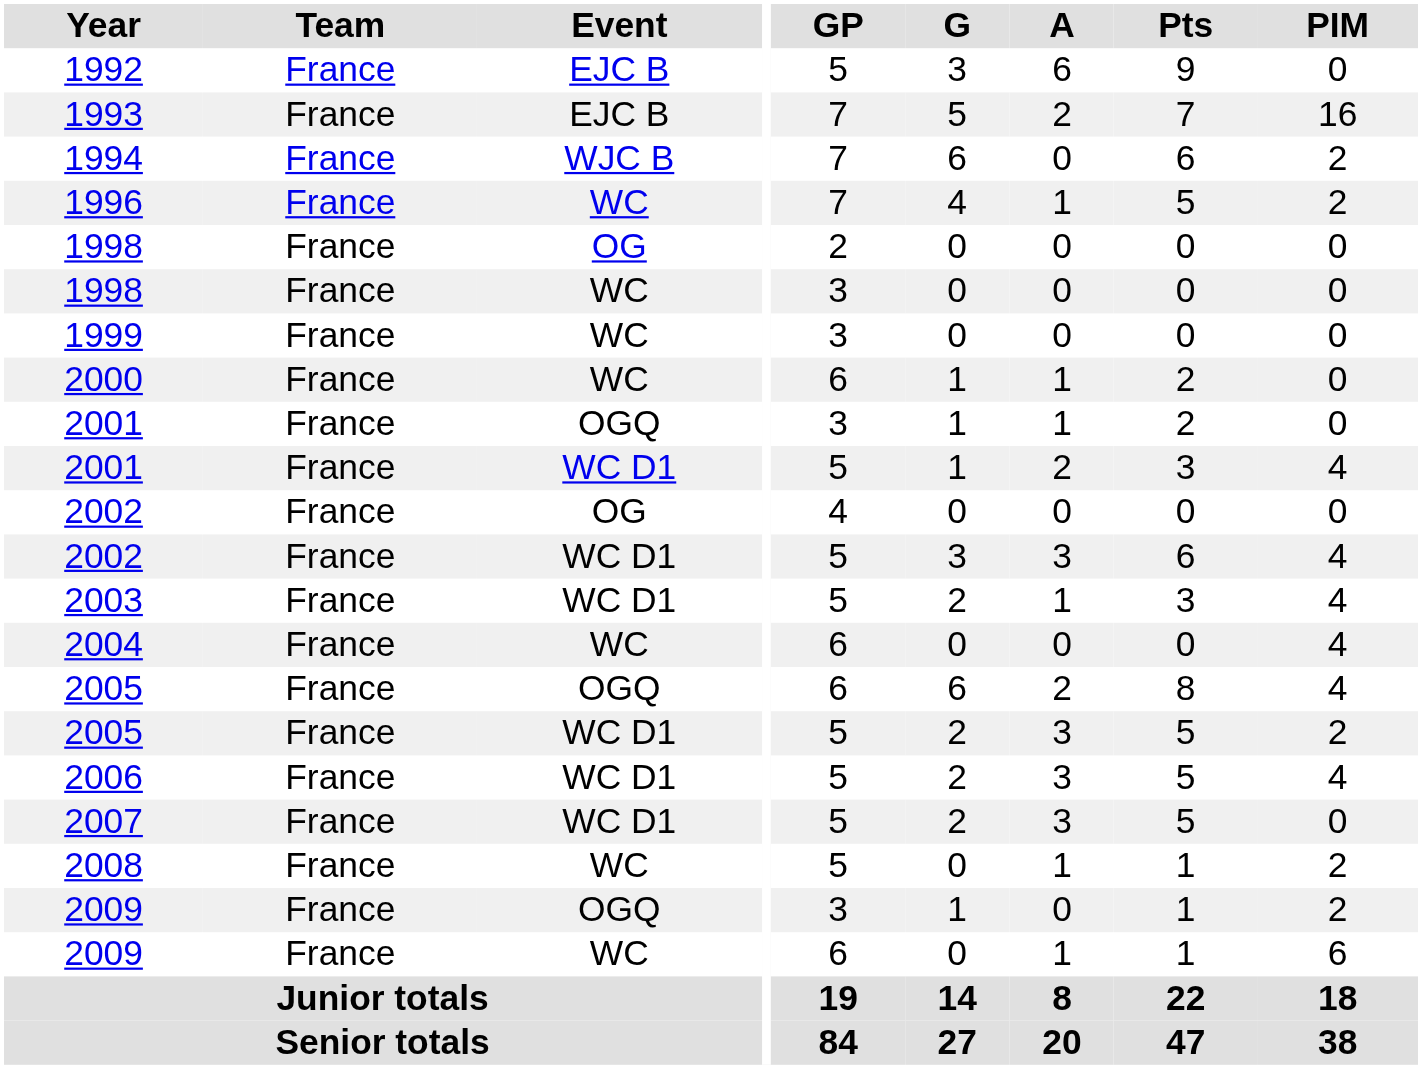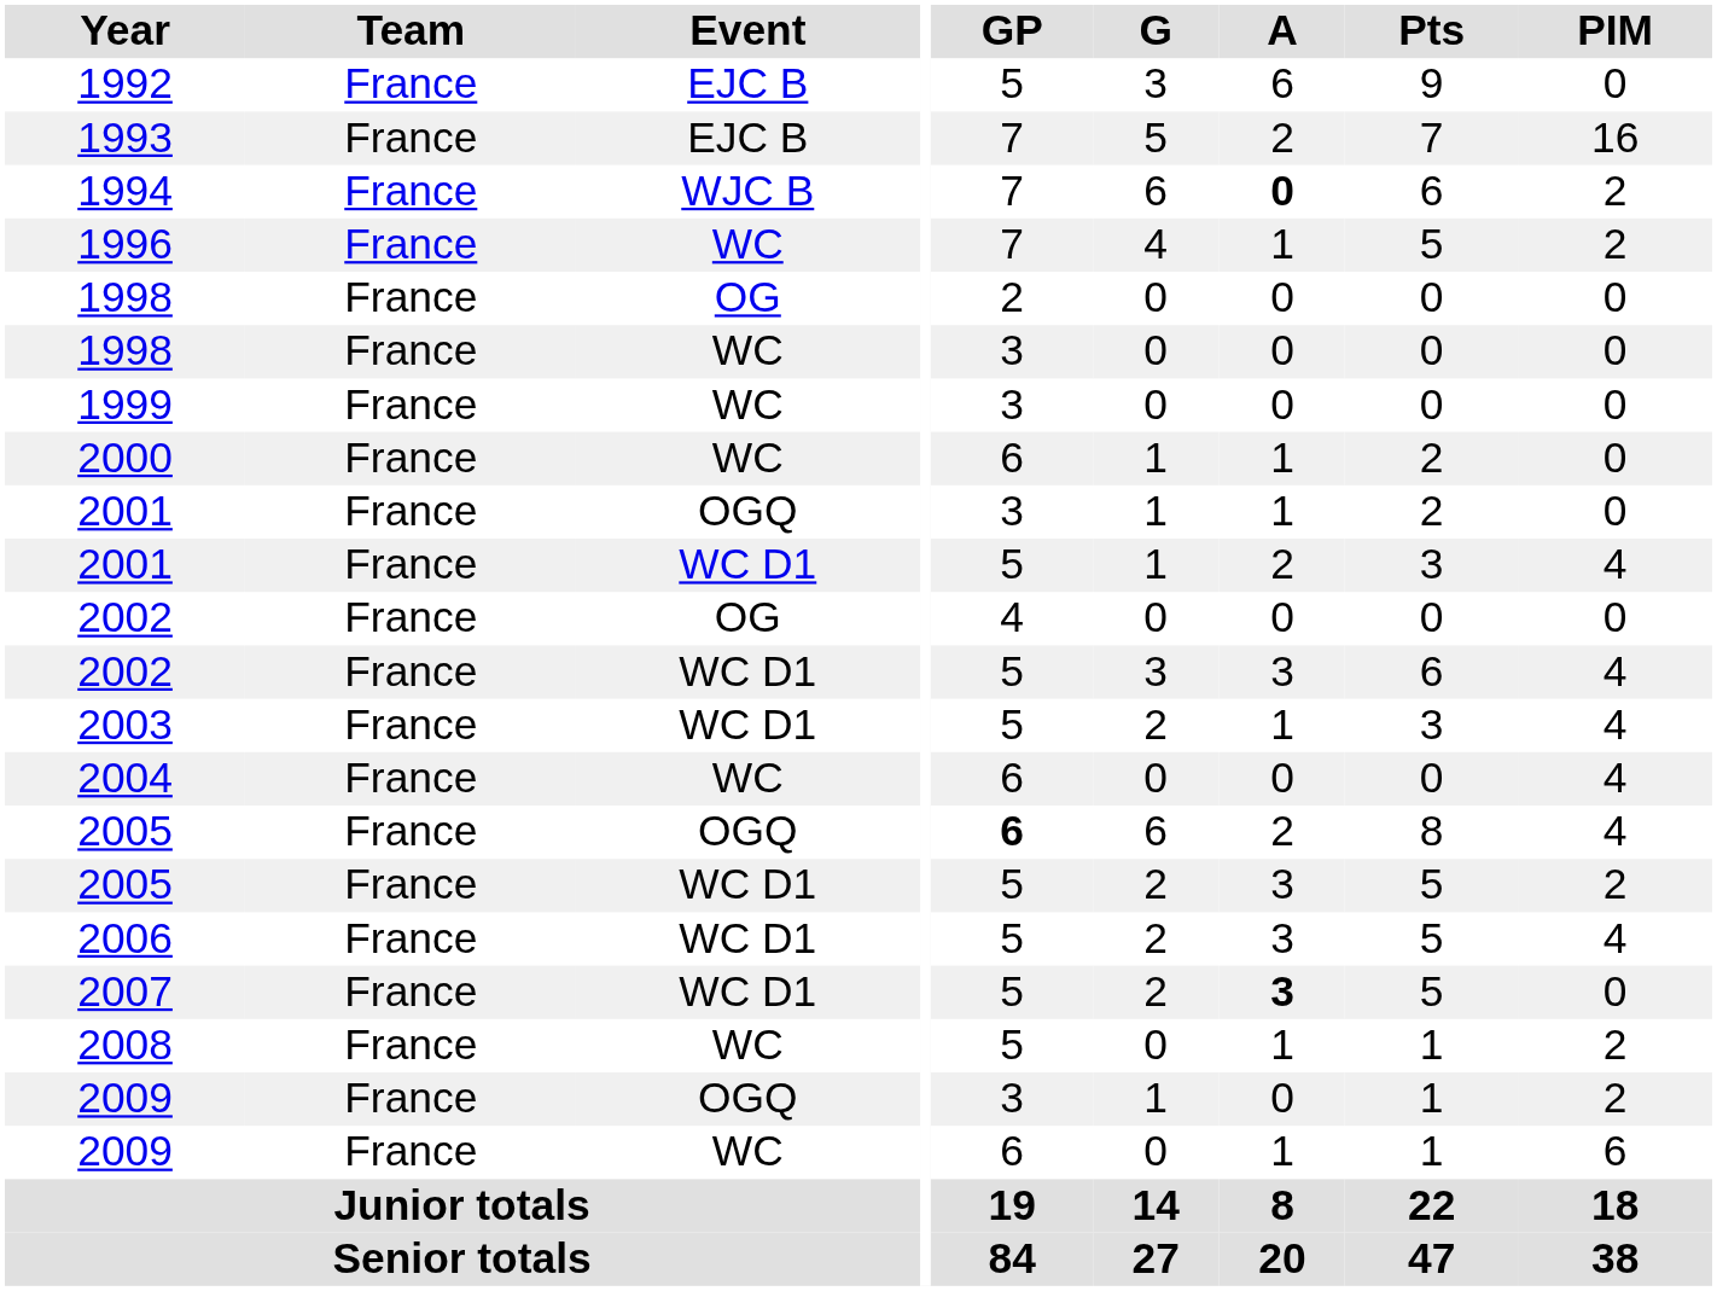 <table border="0" cellpadding="1" cellspacing="0" ID="Table3" style="text-align:center; width:40em">
 <tr ALIGN="center" bgcolor="#e0e0e0">
 <th>Year</th>
 <th>Team</th>
 <th>Event</th>
 <th rowspan="102" bgcolor="#ffffff"></th>
 <th>GP</th>
 <th>G</th>
 <th>A</th>
 <th>Pts</th>
 <th>PIM</th>
 </tr>
 <tr>
 <td><a href='#'>1992</a></td>
 <td><a href='#'>France</a></td>
 <td><a href='#'>EJC B</a></td>
 <td>5</td>
 <td>3</td>
 <td>6</td>
 <td>9</td>
 <td>0</td>
 </tr>
 <tr bgcolor="#f0f0f0">
 <td><a href='#'>1993</a></td>
 <td>France</td>
 <td>EJC B</td>
 <td>7</td>
 <td>5</td>
 <td>2</td>
 <td>7</td>
 <td>16</td>
 </tr>
 <tr>
 <td><a href='#'>1994</a></td>
 <td><a href='#'>France</a></td>
 <td><a href='#'>WJC B</a></td>
 <td>7</td>
 <td>6</td>
-<td>0</td>
+<td><strong>0</strong></td>
 <td>6</td>
 <td>2</td>
 </tr>
 <tr bgcolor="#f0f0f0">
 <td><a href='#'>1996</a></td>
 <td><a href='#'>France</a></td>
 <td><a href='#'>WC</a></td>
 <td>7</td>
 <td>4</td>
 <td>1</td>
 <td>5</td>
 <td>2</td>
 </tr>
 <tr>
 <td><a href='#'>1998</a></td>
 <td>France</td>
 <td><a href='#'>OG</a></td>
 <td>2</td>
 <td>0</td>
 <td>0</td>
 <td>0</td>
 <td>0</td>
 </tr>
 <tr bgcolor="#f0f0f0">
 <td><a href='#'>1998</a></td>
 <td>France</td>
 <td>WC</td>
 <td>3</td>
 <td>0</td>
 <td>0</td>
 <td>0</td>
 <td>0</td>
 </tr>
 <tr>
 <td><a href='#'>1999</a></td>
 <td>France</td>
 <td>WC</td>
 <td>3</td>
 <td>0</td>
 <td>0</td>
 <td>0</td>
 <td>0</td>
 </tr>
 <tr bgcolor="#f0f0f0">
 <td><a href='#'>2000</a></td>
 <td>France</td>
 <td>WC</td>
 <td>6</td>
 <td>1</td>
 <td>1</td>
 <td>2</td>
 <td>0</td>
 </tr>
 <tr>
 <td><a href='#'>2001</a></td>
 <td>France</td>
 <td>OGQ</td>
 <td>3</td>
 <td>1</td>
 <td>1</td>
 <td>2</td>
 <td>0</td>
 </tr>
 <tr bgcolor="#f0f0f0">
 <td><a href='#'>2001</a></td>
 <td>France</td>
 <td><a href='#'>WC D1</a></td>
 <td>5</td>
 <td>1</td>
 <td>2</td>
 <td>3</td>
 <td>4</td>
 </tr>
 <tr>
 <td><a href='#'>2002</a></td>
 <td>France</td>
 <td>OG</td>
 <td>4</td>
 <td>0</td>
 <td>0</td>
 <td>0</td>
 <td>0</td>
 </tr>
 <tr bgcolor="#f0f0f0">
 <td><a href='#'>2002</a></td>
 <td>France</td>
 <td>WC D1</td>
 <td>5</td>
 <td>3</td>
 <td>3</td>
 <td>6</td>
 <td>4</td>
 </tr>
 <tr>
 <td><a href='#'>2003</a></td>
 <td>France</td>
 <td>WC D1</td>
 <td>5</td>
 <td>2</td>
 <td>1</td>
 <td>3</td>
 <td>4</td>
 </tr>
 <tr bgcolor="#f0f0f0">
 <td><a href='#'>2004</a></td>
 <td>France</td>
 <td>WC</td>
 <td>6</td>
 <td>0</td>
 <td>0</td>
 <td>0</td>
 <td>4</td>
 </tr>
 <tr>
 <td><a href='#'>2005</a></td>
 <td>France</td>
 <td>OGQ</td>
-<td>6</td>
+<td><strong>6</strong></td>
 <td>6</td>
 <td>2</td>
 <td>8</td>
 <td>4</td>
 </tr>
 <tr bgcolor="#f0f0f0">
 <td><a href='#'>2005</a></td>
 <td>France</td>
 <td>WC D1</td>
 <td>5</td>
 <td>2</td>
 <td>3</td>
 <td>5</td>
 <td>2</td>
 </tr>
 <tr>
 <td><a href='#'>2006</a></td>
 <td>France</td>
 <td>WC D1</td>
 <td>5</td>
 <td>2</td>
 <td>3</td>
 <td>5</td>
 <td>4</td>
 </tr>
 <tr bgcolor="#f0f0f0">
 <td><a href='#'>2007</a></td>
 <td>France</td>
 <td>WC D1</td>
 <td>5</td>
 <td>2</td>
-<td>3</td>
+<td><strong>3</strong></td>
 <td>5</td>
 <td>0</td>
 </tr>
 <tr>
 <td><a href='#'>2008</a></td>
 <td>France</td>
 <td>WC</td>
 <td>5</td>
 <td>0</td>
 <td>1</td>
 <td>1</td>
 <td>2</td>
 </tr>
 <tr bgcolor="#f0f0f0">
 <td><a href='#'>2009</a></td>
 <td>France</td>
 <td>OGQ</td>
 <td>3</td>
 <td>1</td>
 <td>0</td>
 <td>1</td>
 <td>2</td>
 </tr>
 <tr>
 <td><a href='#'>2009</a></td>
 <td>France</td>
 <td>WC</td>
 <td>6</td>
 <td>0</td>
 <td>1</td>
 <td>1</td>
 <td>6</td>
 </tr>
 <tr bgcolor="#e0e0e0">
 <th colspan=3>Junior totals</th>
 <th>19</th>
 <th>14</th>
 <th>8</th>
 <th>22</th>
 <th>18</th>
 </tr>
 <tr bgcolor="#e0e0e0">
 <th colspan=3>Senior totals</th>
 <th>84</th>
 <th>27</th>
 <th>20</th>
 <th>47</th>
 <th>38</th>
 </tr>
 </table>
